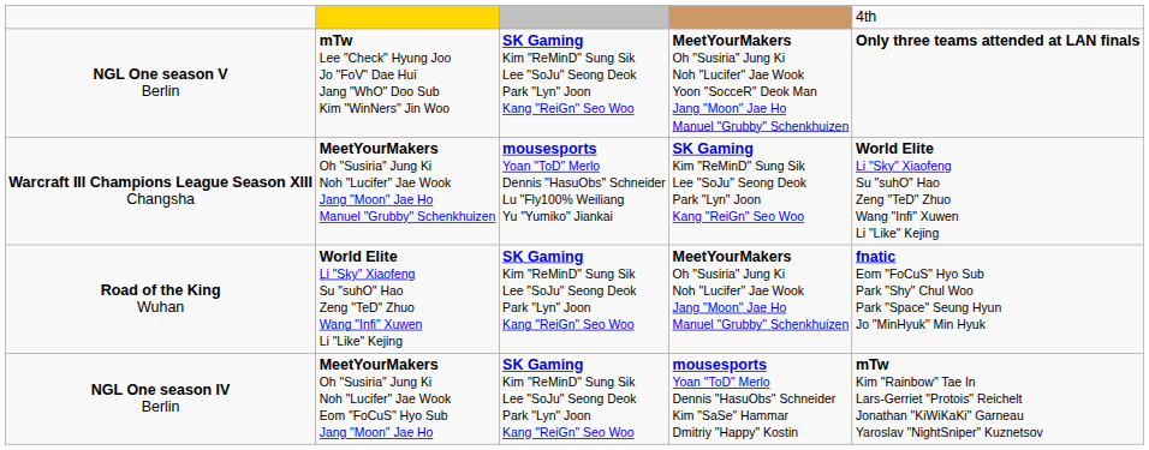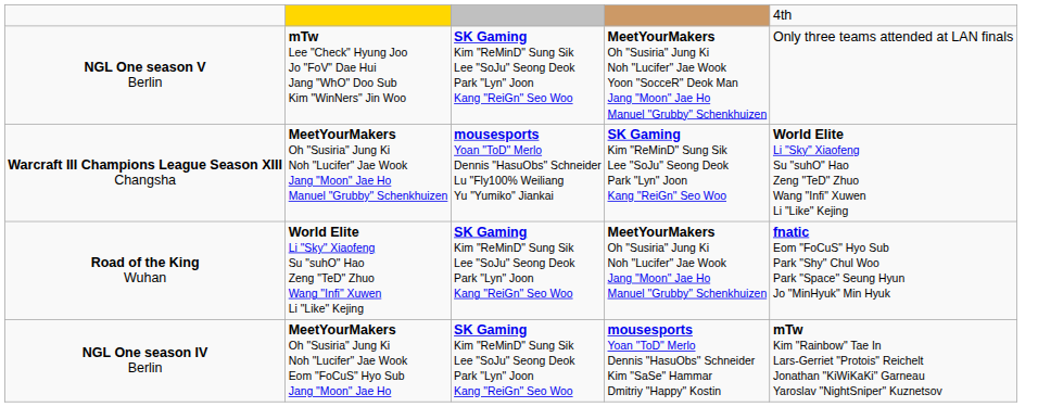 <table class="wikitable" style="text-align:left">
 <tr>
 <td style="text-align:center"></td>
 <td style="text-align:center; background:gold;"></td>
 <td style="text-align:center; background:silver;"></td>
 <td style="text-align:center; background:#c96;"></td>
 <td>4th</td>
 </tr>
 <tr>
 <td style="text-align:center"><strong>NGL One season V</strong><br> Berlin</td>
 <td style="vertical-align:top"> <strong>mTw</strong><br><small> Lee "Check" Hyung Joo <br> Jo "FoV" Dae Hui<br> Jang "WhO" Doo Sub<br> Kim  "WinNers" Jin Woo<br> </small></td>
 <td style="vertical-align:top"> <strong><a href='#'>SK Gaming</a></strong><br><small> Kim "ReMinD" Sung Sik <br> Lee "SoJu" Seong Deok <br> Park "Lyn" Joon <br> <a href='#'>Kang "ReiGn" Seo Woo</a> <br></small></td>
 <td style="vertical-align:top"> <strong>MeetYourMakers</strong><br><small> Oh "Susiria" Jung Ki<br> Noh "Lucifer" Jae Wook<br> Yoon "SocceR" Deok Man<br> <a href='#'>Jang "Moon" Jae Ho</a><br> <a href='#'>Manuel "Grubby" Schenkhuizen</a><br></small></td>
-<td style="vertical-align:top"><strong>Only three teams attended at LAN finals</strong></td>
+<td style="vertical-align:top">Only three teams attended at LAN finals</td>
 </tr>
 <tr>
 <td style="text-align:center"><strong>Warcraft III Champions League Season XIII</strong><br> Changsha</td>
 <td style="vertical-align:top"> <strong>MeetYourMakers</strong><br><small> Oh "Susiria" Jung Ki<br> Noh "Lucifer" Jae Wook<br> <a href='#'>Jang "Moon" Jae Ho</a><br> <a href='#'>Manuel "Grubby" Schenkhuizen</a><br></small></td>
 <td style="vertical-align:top"> <strong><a href='#'>mousesports</a></strong><br><small> <a href='#'>Yoan "ToD" Merlo</a><br> Dennis "HasuObs" Schneider<br> Lu "Fly100% Weiliang<br> Yu "Yumiko" Jiankai<br> </small></td>
 <td style="vertical-align:top"> <strong><a href='#'>SK Gaming</a></strong><br><small> Kim "ReMinD" Sung Sik <br> Lee "SoJu" Seong Deok <br> Park "Lyn" Joon <br> <a href='#'>Kang "ReiGn" Seo Woo</a> <br></small></td>
 <td style="vertical-align:top"> <strong>World Elite</strong><br><small> <a href='#'>Li "Sky" Xiaofeng</a><br> Su "suhO" Hao <br> Zeng "TeD" Zhuo <br> Wang "Infi" Xuwen<br> Li "Like" Kejing<br></small></td>
 </tr>
 <tr>
 <td style="text-align:center"><strong>Road of the King</strong><br> Wuhan</td>
 <td style="vertical-align:top"> <strong>World Elite</strong><br><small> <a href='#'>Li "Sky" Xiaofeng</a><br> Su "suhO" Hao <br> Zeng "TeD" Zhuo <br> <a href='#'>Wang "Infi" Xuwen</a><br> Li "Like" Kejing<br></small></td>
 <td style="vertical-align:top"> <strong><a href='#'>SK Gaming</a></strong><br><small> Kim "ReMinD" Sung Sik <br> Lee "SoJu" Seong Deok <br> Park "Lyn" Joon <br> <a href='#'>Kang "ReiGn" Seo Woo</a> <br></small></td>
 <td style="vertical-align:top"> <strong>MeetYourMakers</strong><br><small> Oh "Susiria" Jung Ki<br> Noh "Lucifer" Jae Wook<br> <a href='#'>Jang "Moon" Jae Ho</a><br> <a href='#'>Manuel "Grubby" Schenkhuizen</a><br></small></td>
 <td style="vertical-align:top"> <strong><a href='#'>fnatic</a></strong><br><small> Eom "FoCuS" Hyo Sub<br> Park "Shy" Chul Woo<br> Park "Space" Seung Hyun<br> Jo "MinHyuk" Min Hyuk<br></small></td>
 </tr>
 <tr>
 <td style="text-align:center"><strong>NGL One season IV</strong><br> Berlin</td>
 <td style="vertical-align:top"> <strong>MeetYourMakers</strong><br><small> Oh "Susiria" Jung Ki<br> Noh "Lucifer" Jae Wook<br> Eom "FoCuS" Hyo Sub<br> <a href='#'>Jang "Moon" Jae Ho</a><br></small></td>
 <td style="vertical-align:top"> <strong><a href='#'>SK Gaming</a></strong><br><small> Kim "ReMinD" Sung Sik <br> Lee "SoJu" Seong Deok <br> Park "Lyn" Joon <br> <a href='#'>Kang "ReiGn" Seo Woo</a> <br></small></td>
 <td style="vertical-align:top"> <strong><a href='#'>mousesports</a></strong><br><small> <a href='#'>Yoan "ToD" Merlo</a><br> Dennis "HasuObs" Schneider<br> Kim "SaSe" Hammar<br> Dmitriy "Happy" Kostin<br> </small></td>
 <td style="vertical-align:top"> <strong>mTw</strong><br><small> Kim "Rainbow" Tae In<br> Lars-Gerriet "Protois" Reichelt<br> Jonathan "KiWiKaKi" Garneau<br> Yaroslav "NightSniper" Kuznetsov<br></small></td>
 </tr>
 </table>
